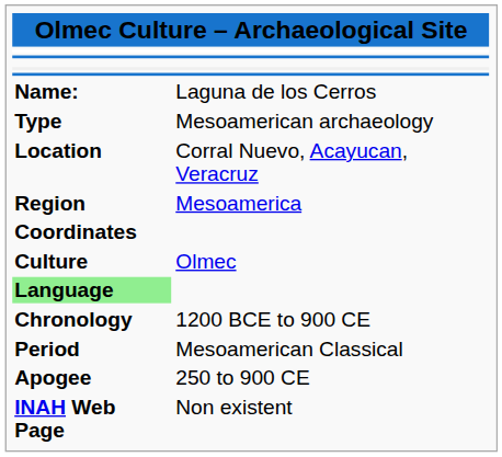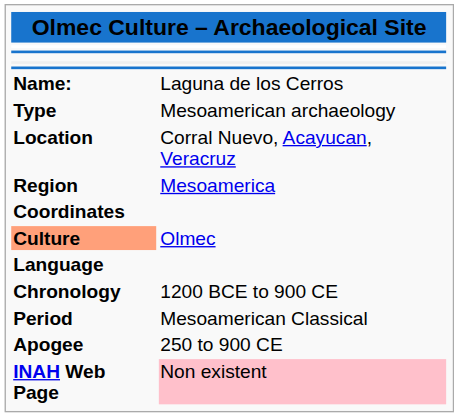 <table class="infobox" style="font-size:90%; text-align:left; width:23.5em">
 <tr>
 <td colspan="3" bgcolor=#1874CD style="text-align: center; font-size: larger;"><span><strong> Olmec Culture – Archaeological Site</strong></span></td>
 </tr>
 <tr style="vertical-align: top; text-align: center;">
 <td colspan=3 bgcolor="#FFFFFF" align="center"></td>
 </tr>
 <tr>
 <td colspan="2" bgcolor=#1874CD></td>
 </tr>
 <tr>
 <td colspan=2></td>
 </tr>
 <tr>
 <td style="background:#efefef;"align="center" colspan="2"></td>
 </tr>
 <tr>
 <td colspan="2" bgcolor=#1874CD></td>
 </tr>
 <tr>
 <td><strong>Name:</strong></td>
 <td><span>Laguna de los Cerros</span></td>
 </tr>
 <tr>
 <td><strong>Type</strong></td>
 <td>Mesoamerican archaeology</td>
 </tr>
 <tr>
 <td><strong>Location</strong></td>
 <td>Corral Nuevo, <a href='#'>Acayucan</a>, <a href='#'>Veracruz</a> <br></td>
 </tr>
 <tr>
 <td><strong>Region</strong></td>
 <td><a href='#'>Mesoamerica</a></td>
 </tr>
 <tr>
 <td><strong>Coordinates</strong></td>
 <td></td>
 </tr>
 <tr>
-<td><strong>Culture</strong></td>
+<td style="background: lightsalmon;"><strong>Culture</strong></td>
 <td><a href='#'>Olmec</a></td>
 </tr>
 <tr>
-<td style="background: lightgreen;"><strong>Language</strong></td>
+<td><strong>Language</strong></td>
 <td></td>
 </tr>
 <tr>
 <td><strong>Chronology</strong></td>
 <td>1200 BCE to 900 CE</td>
 </tr>
 <tr>
 <td><strong>Period</strong></td>
 <td>Mesoamerican Classical</td>
 </tr>
 <tr>
 <td><strong>Apogee</strong></td>
 <td>250 to 900 CE</td>
 </tr>
 <tr>
 <td><strong><a href='#'>INAH</a> Web Page</strong></td>
-<td>Non existent</td>
+<td style="background: pink;">Non existent</td>
 </tr>
 </table>
